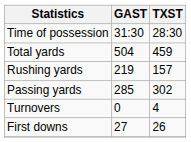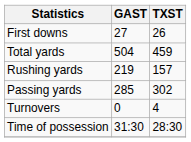 <table class="wikitable" style="float: left;">
 <tr>
 <th>Statistics</th>
 <th>GAST</th>
 <th>TXST</th>
 </tr>
 <tr>
-<td>Time of possession</td>
-<td>31:30</td>
-<td>28:30</td>
+<td>First downs</td>
+<td>27</td>
+<td>26</td>
 </tr>
 <tr>
 <td>Total yards</td>
 <td>504</td>
 <td>459</td>
 </tr>
 <tr>
 <td>Rushing yards</td>
 <td>219</td>
 <td>157</td>
 </tr>
 <tr>
 <td>Passing yards</td>
 <td>285</td>
 <td>302</td>
 </tr>
 <tr>
 <td>Turnovers</td>
 <td>0</td>
 <td>4</td>
 </tr>
 <tr>
-<td>First downs</td>
-<td>27</td>
-<td>26</td>
+<td>Time of possession</td>
+<td>31:30</td>
+<td>28:30</td>
 </tr>
 <tr>
 </tr>
 </table>
